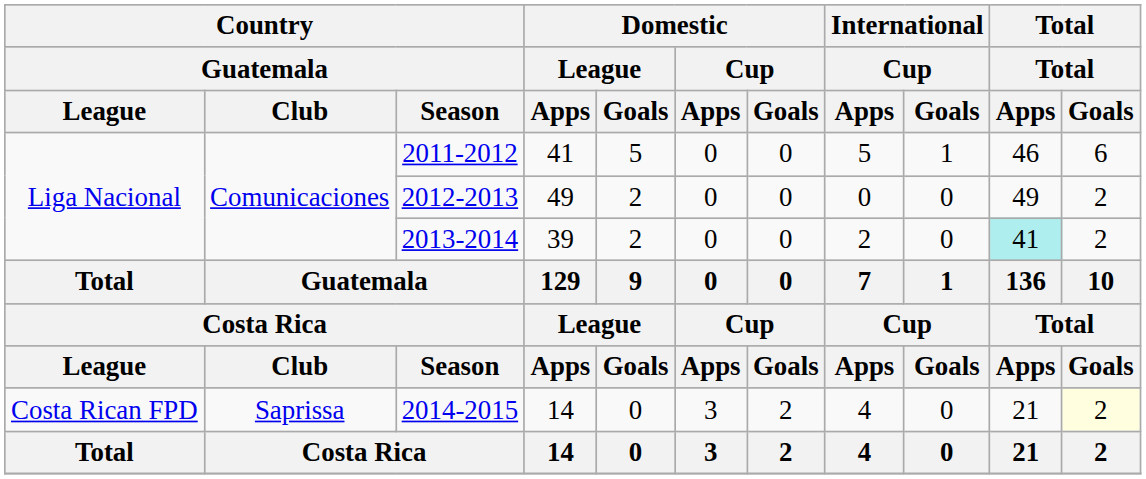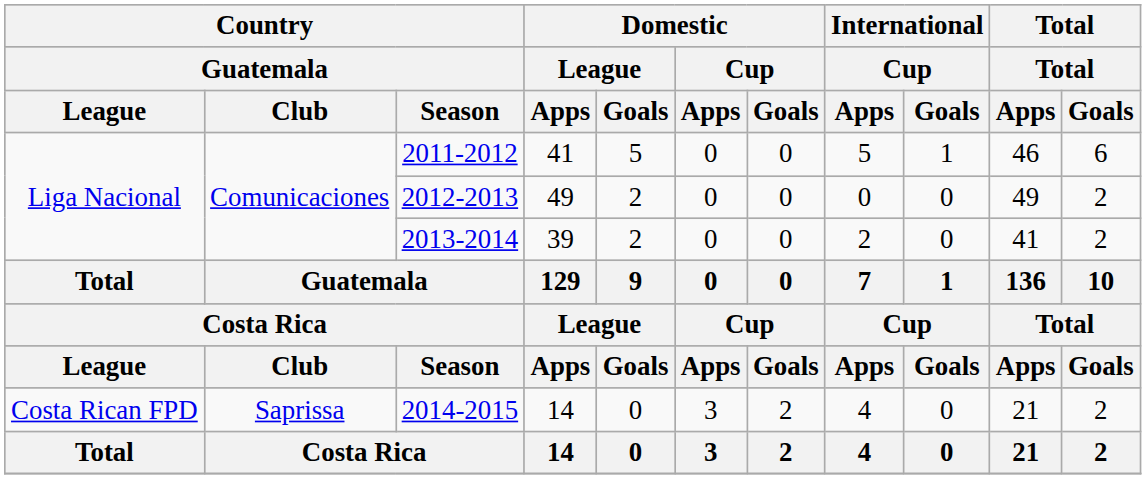 <table class="wikitable" style="text-align:center">
 <tr>
 <th colspan=3>Country</th>
 <th colspan=4>Domestic</th>
 <th colspan=2>International</th>
 <th colspan=2>Total</th>
 </tr>
 <tr>
 <th colspan=3>Guatemala</th>
 <th colspan=2>League</th>
 <th colspan=2>Cup</th>
 <th colspan=2>Cup</th>
 <th colspan=2>Total</th>
 </tr>
 <tr>
 <th>League</th>
 <th>Club</th>
 <th>Season</th>
 <th>Apps</th>
 <th>Goals</th>
 <th>Apps</th>
 <th>Goals</th>
 <th>Apps</th>
 <th>Goals</th>
 <th>Apps</th>
 <th>Goals</th>
 </tr>
 <tr>
 <td rowspan="3"><a href='#'>Liga Nacional</a></td>
 <td rowspan="3"><a href='#'>Comunicaciones</a></td>
 <td><a href='#'>2011-2012</a></td>
 <td>41</td>
 <td>5</td>
 <td>0</td>
 <td>0</td>
 <td>5</td>
 <td>1</td>
 <td>46</td>
 <td>6</td>
 </tr>
 <tr>
 <td><a href='#'>2012-2013</a></td>
 <td>49</td>
 <td>2</td>
 <td>0</td>
 <td>0</td>
 <td>0</td>
 <td>0</td>
 <td>49</td>
 <td>2</td>
 </tr>
 <tr>
 <td><a href='#'>2013-2014</a></td>
 <td>39</td>
 <td>2</td>
 <td>0</td>
 <td>0</td>
 <td>2</td>
 <td>0</td>
-<td style="background: paleturquoise;">41</td>
+<td>41</td>
 <td>2</td>
 </tr>
 <tr>
 <th rowspan=1>Total</th>
 <th colspan=2>Guatemala</th>
 <th>129</th>
 <th>9</th>
 <th>0</th>
 <th>0</th>
 <th>7</th>
 <th>1</th>
 <th>136</th>
 <th>10</th>
 </tr>
 <tr>
 <th colspan=3>Costa Rica</th>
 <th colspan=2>League</th>
 <th colspan=2>Cup</th>
 <th colspan=2>Cup</th>
 <th colspan=2>Total</th>
 </tr>
 <tr>
 <th>League</th>
 <th>Club</th>
 <th>Season</th>
 <th>Apps</th>
 <th>Goals</th>
 <th>Apps</th>
 <th>Goals</th>
 <th>Apps</th>
 <th>Goals</th>
 <th>Apps</th>
 <th>Goals</th>
 </tr>
 <tr>
 <td rowspan="1"><a href='#'>Costa Rican FPD</a></td>
 <td rowspan="1"><a href='#'>Saprissa</a></td>
 <td><a href='#'>2014-2015</a></td>
 <td>14</td>
 <td>0</td>
 <td>3</td>
 <td>2</td>
 <td>4</td>
 <td>0</td>
 <td>21</td>
-<td style="background: lightyellow;">2</td>
+<td>2</td>
 </tr>
 <tr>
 <th rowspan=1>Total</th>
 <th colspan=2>Costa Rica</th>
 <th>14</th>
 <th>0</th>
 <th>3</th>
 <th>2</th>
 <th>4</th>
 <th>0</th>
 <th>21</th>
 <th>2</th>
 </tr>
 <tr>
 </tr>
 </table>
